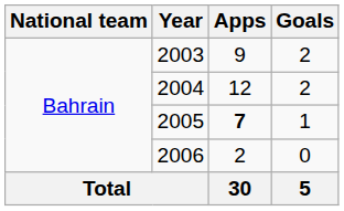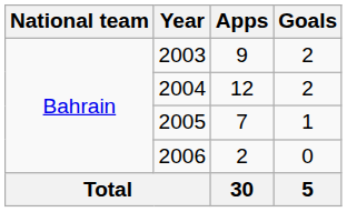 <table class="wikitable" style="text-align:center">
 <tr>
 <th>National team</th>
 <th>Year</th>
 <th>Apps</th>
 <th>Goals</th>
 </tr>
 <tr>
 <td rowspan="4"><a href='#'>Bahrain</a></td>
 <td>2003</td>
 <td>9</td>
 <td>2</td>
 </tr>
 <tr>
 <td>2004</td>
 <td>12</td>
 <td>2</td>
 </tr>
 <tr>
 <td>2005</td>
-<td><strong>7</strong></td>
+<td>7</td>
 <td>1</td>
 </tr>
 <tr>
 <td>2006</td>
 <td>2</td>
 <td>0</td>
 </tr>
 <tr>
 <th colspan="2">Total</th>
 <th>30</th>
 <th>5</th>
 </tr>
 </table>
